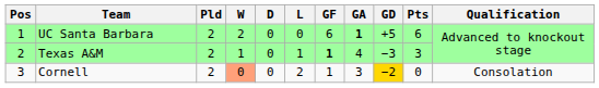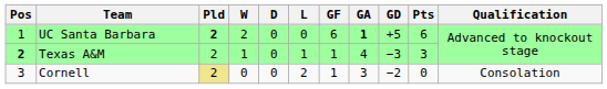 <table class="wikitable" style="text-align:center; margin: 1em auto">
 <tr>
 <th style="width:2em">Pos</th>
 <th style="width:13em">Team</th>
 <th style="width:2em">Pld</th>
 <th style="width:2em">W</th>
 <th style="width:2em">D</th>
 <th style="width:2em">L</th>
 <th style="width:2em">GF</th>
 <th style="width:2em">GA</th>
 <th style="width:2em">GD</th>
 <th style="width:2em">Pts</th>
 <th style="width:13em">Qualification</th>
 </tr>
 <tr bgcolor="#9eff9e">
 <td>1</td>
 <td style="text-align:left">UC Santa Barbara</td>
-<td>2</td>
+<td><strong>2</strong></td>
 <td>2</td>
 <td>0</td>
 <td>0</td>
 <td>6</td>
 <td><strong>1</strong></td>
 <td>+5</td>
 <td>6</td>
 <td rowspan="2">Advanced to knockout stage</td>
 </tr>
 <tr bgcolor="#9eff9e">
-<td>2</td>
+<td><strong>2</strong></td>
 <td style="text-align:left">Texas A&M</td>
 <td>2</td>
 <td>1</td>
 <td>0</td>
 <td>1</td>
-<td><strong>1</strong></td>
+<td>1</td>
 <td>4</td>
 <td>−3</td>
 <td>3</td>
 </tr>
 <tr>
 <td>3</td>
 <td style="text-align:left">Cornell</td>
-<td>2</td>
-<td style="background: lightsalmon;">0</td>
+<td style="background: khaki;">2</td>
+<td>0</td>
 <td>0</td>
 <td>2</td>
 <td>1</td>
 <td>3</td>
-<td style="background: gold;">−2</td>
+<td>−2</td>
 <td>0</td>
 <td>Consolation</td>
 </tr>
 </table>
